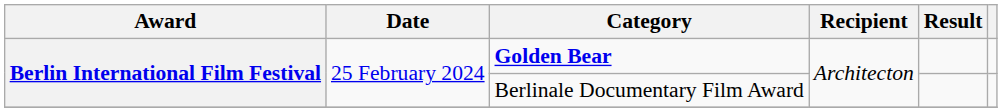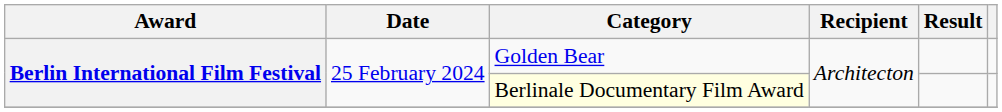 <table class="wikitable sortable plainrowheaders">
 <tr>
 <th>Award</th>
 <th>Date</th>
 <th>Category</th>
 <th>Recipient</th>
 <th>Result</th>
 <th></th>
 </tr>
 <tr>
 <th scope="row" rowspan="2"><a href='#'>Berlin International Film Festival</a></th>
 <td rowspan="2"><a href='#'>25 February 2024</a></td>
-<td><strong><a href='#'>Golden Bear</a></strong></td>
+<td><a href='#'>Golden Bear</a></td>
 <td rowspan="2"><em>Architecton</em></td>
 <td></td>
 <td align="center" rowspan="1"></td>
 </tr>
 <tr>
-<td>Berlinale Documentary Film Award</td>
+<td style="background: lightyellow;">Berlinale Documentary Film Award</td>
 <td></td>
 <td align="center"></td>
 </tr>
 <tr>
 </tr>
 </table>
